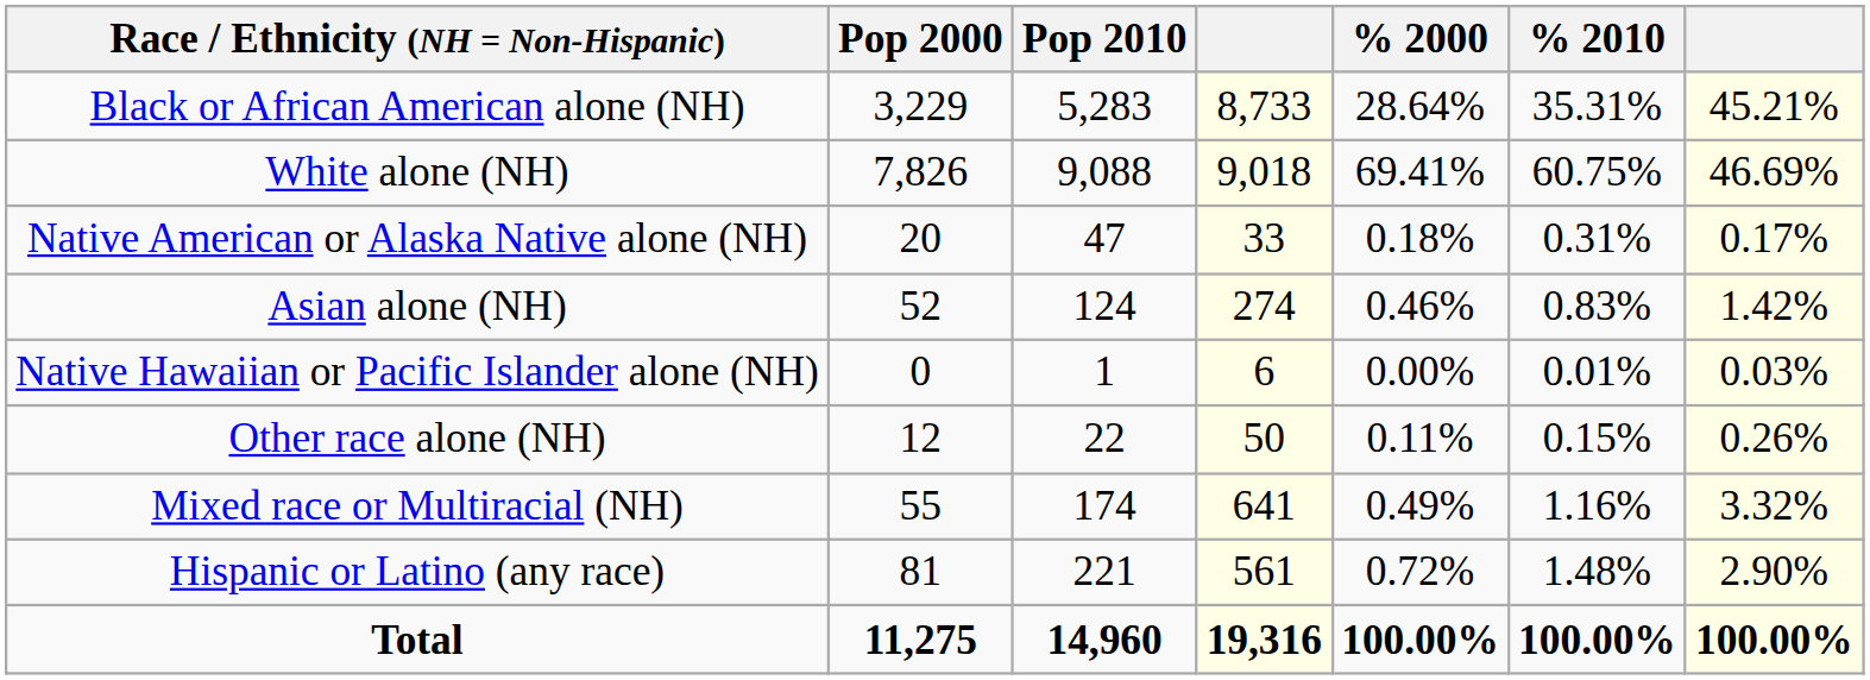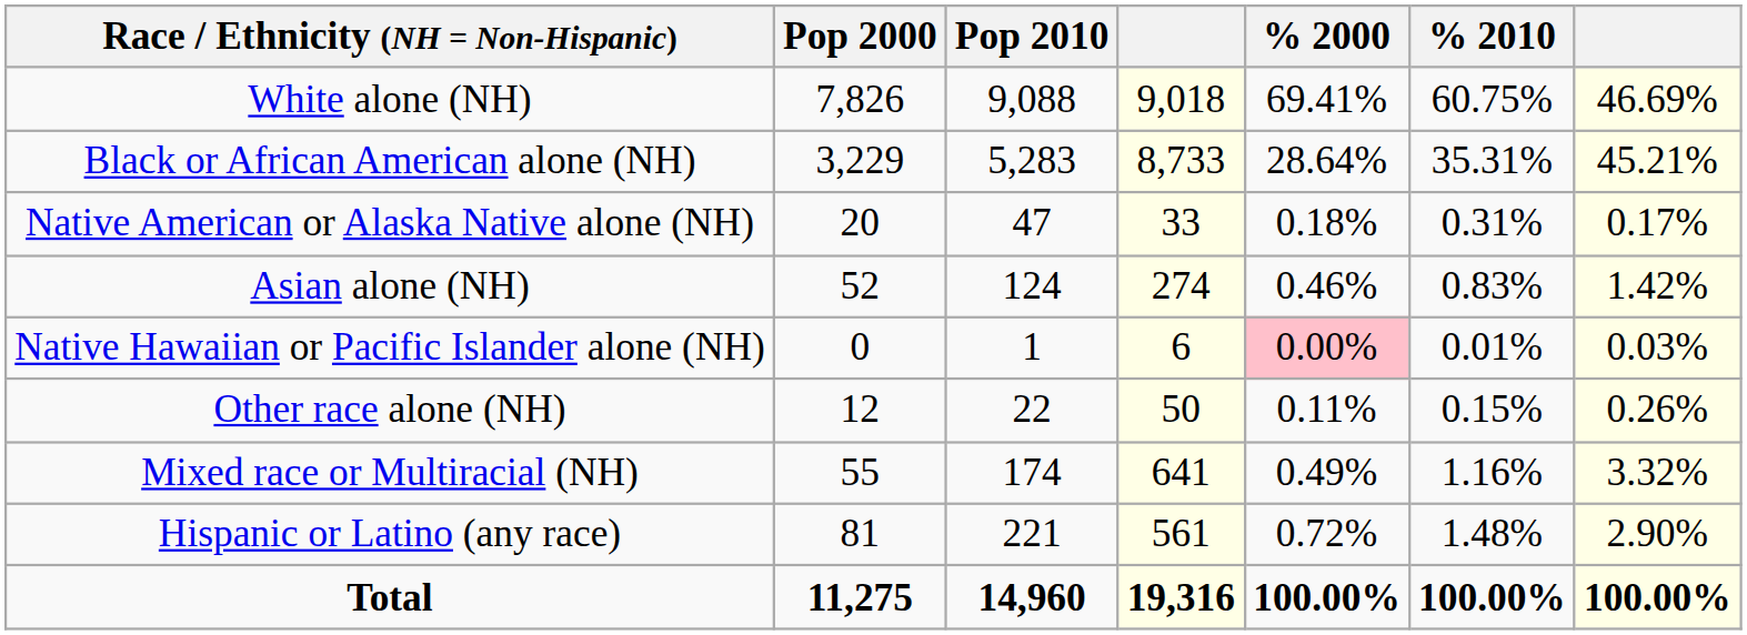 <table class="wikitable" style="text-align:center;">
 <tr>
 <th>Race / Ethnicity <small>(<em>NH = Non-Hispanic</em>)</small></th>
 <th>Pop 2000</th>
 <th>Pop 2010</th>
 <th></th>
 <th>% 2000</th>
 <th>% 2010</th>
 <th></th>
 </tr>
 <tr>
+<td><a href='#'>White</a> alone (NH)</td>
+<td>7,826</td>
+<td>9,088</td>
+<td style='background: #ffffe6;'>9,018</td>
+<td>69.41%</td>
+<td>60.75%</td>
+<td style='background: #ffffe6;'>46.69%</td>
+</tr>
+<tr>
 <td><a href='#'>Black or African American</a> alone (NH)</td>
 <td>3,229</td>
 <td>5,283</td>
 <td style='background: #ffffe6;'>8,733</td>
 <td>28.64%</td>
 <td>35.31%</td>
 <td style='background: #ffffe6;'>45.21%</td>
-</tr>
-<tr>
-<td><a href='#'>White</a> alone (NH)</td>
-<td>7,826</td>
-<td>9,088</td>
-<td style='background: #ffffe6;'>9,018</td>
-<td>69.41%</td>
-<td>60.75%</td>
-<td style='background: #ffffe6;'>46.69%</td>
 </tr>
 <tr>
 <td><a href='#'>Native American</a> or <a href='#'>Alaska Native</a> alone (NH)</td>
 <td>20</td>
 <td>47</td>
 <td style='background: #ffffe6;'>33</td>
 <td>0.18%</td>
 <td>0.31%</td>
 <td style='background: #ffffe6;'>0.17%</td>
 </tr>
 <tr>
 <td><a href='#'>Asian</a> alone (NH)</td>
 <td>52</td>
 <td>124</td>
 <td style='background: #ffffe6;'>274</td>
 <td>0.46%</td>
 <td>0.83%</td>
 <td style='background: #ffffe6;'>1.42%</td>
 </tr>
 <tr>
 <td><a href='#'>Native Hawaiian</a> or <a href='#'>Pacific Islander</a> alone (NH)</td>
 <td>0</td>
 <td>1</td>
 <td style='background: #ffffe6;'>6</td>
-<td>0.00%</td>
+<td style="background: pink;">0.00%</td>
 <td>0.01%</td>
 <td style='background: #ffffe6;'>0.03%</td>
 </tr>
 <tr>
 <td><a href='#'>Other race</a> alone (NH)</td>
 <td>12</td>
 <td>22</td>
 <td style='background: #ffffe6;'>50</td>
 <td>0.11%</td>
 <td>0.15%</td>
 <td style='background: #ffffe6;'>0.26%</td>
 </tr>
 <tr>
 <td><a href='#'>Mixed race or Multiracial</a> (NH)</td>
 <td>55</td>
 <td>174</td>
 <td style='background: #ffffe6;'>641</td>
 <td>0.49%</td>
 <td>1.16%</td>
 <td style='background: #ffffe6;'>3.32%</td>
 </tr>
 <tr>
 <td><a href='#'>Hispanic or Latino</a> (any race)</td>
 <td>81</td>
 <td>221</td>
 <td style='background: #ffffe6;'>561</td>
 <td>0.72%</td>
 <td>1.48%</td>
 <td style='background: #ffffe6;'>2.90%</td>
 </tr>
 <tr>
 <td><strong>Total</strong></td>
 <td><strong>11,275</strong></td>
 <td><strong>14,960</strong></td>
 <td style='background: #ffffe6;'><strong>19,316</strong></td>
 <td><strong>100.00%</strong></td>
 <td><strong>100.00%</strong></td>
 <td style='background: #ffffe6;'><strong>100.00%</strong></td>
 </tr>
 </table>
